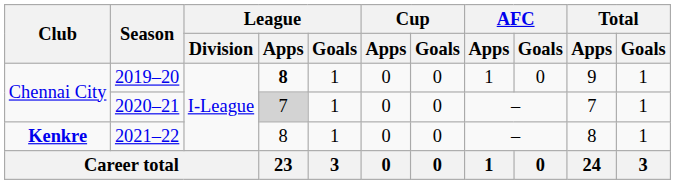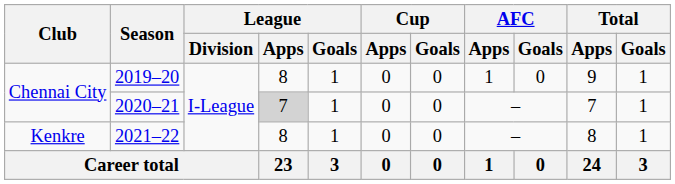 <table class="wikitable" style="text-align: center;">
 <tr>
 <th rowspan="2">Club</th>
 <th rowspan="2">Season</th>
 <th colspan="3">League</th>
 <th colspan="2">Cup</th>
 <th colspan="2"><a href='#'>AFC</a></th>
 <th colspan="2">Total</th>
 </tr>
 <tr>
 <th>Division</th>
 <th>Apps</th>
 <th>Goals</th>
 <th>Apps</th>
 <th>Goals</th>
 <th>Apps</th>
 <th>Goals</th>
 <th>Apps</th>
 <th>Goals</th>
 </tr>
 <tr>
 <td rowspan="2"><a href='#'>Chennai City</a></td>
 <td><a href='#'>2019–20</a></td>
 <td rowspan="3"><a href='#'>I-League</a></td>
-<td><strong>8</strong></td>
+<td>8</td>
 <td>1</td>
 <td>0</td>
 <td>0</td>
 <td>1</td>
 <td>0</td>
 <td>9</td>
 <td>1</td>
 </tr>
 <tr>
 <td><a href='#'>2020–21</a></td>
 <td style="background: lightgrey;">7</td>
 <td>1</td>
 <td>0</td>
 <td>0</td>
 <td colspan="2">–</td>
 <td>7</td>
 <td>1</td>
 </tr>
 <tr>
-<td rowspan="1"><strong><a href='#'>Kenkre</a></strong></td>
+<td rowspan="1"><a href='#'>Kenkre</a></td>
 <td><a href='#'>2021–22</a></td>
 <td>8</td>
 <td>1</td>
 <td>0</td>
 <td>0</td>
 <td colspan="2">–</td>
 <td>8</td>
 <td>1</td>
 </tr>
 <tr>
 <th colspan="3">Career total</th>
 <th>23</th>
 <th>3</th>
 <th>0</th>
 <th>0</th>
 <th>1</th>
 <th>0</th>
 <th>24</th>
 <th>3</th>
 </tr>
 </table>
